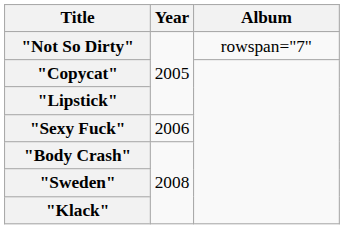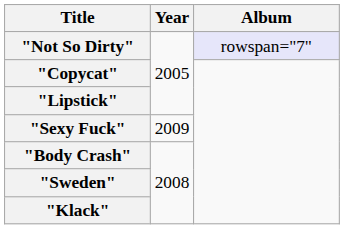 <table class="wikitable plainrowheaders" style="text-align:center;">
 <tr>
 <th scope="col" style="width:8em;">Title</th>
 <th scope="col" style="width:1em;">Year</th>
 <th scope="col" style="width:8em;">Album</th>
 </tr>
 <tr>
 <th scope="row">"Not So Dirty"</th>
 <td rowspan="3">2005</td>
-<td>rowspan="7" </td>
+<td style="background: lavender;">rowspan="7" </td>
 </tr>
 <tr>
 <th scope="row">"Copycat"</th>
 </tr>
 <tr>
 <th scope="row">"Lipstick"</th>
 </tr>
 <tr>
 <th scope="row">"Sexy Fuck"</th>
-<td>2006</td>
+<td>2009</td>
 </tr>
 <tr>
 <th scope="row">"Body Crash"</th>
 <td rowspan="3">2008</td>
 </tr>
 <tr>
 <th scope="row">"Sweden"</th>
 </tr>
 <tr>
 <th scope="row">"Klack"</th>
 </tr>
 </table>
